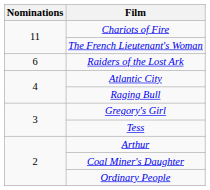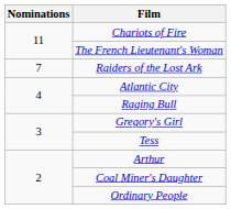 <table class="wikitable" style="text-align:center;">
 <tr>
 <th style="background:">Nominations</th>
 <th style="background:">Film</th>
 </tr>
 <tr>
 <td rowspan="2">11</td>
 <td><em><a href='#'>Chariots of Fire</a></em></td>
 </tr>
 <tr>
 <td><em><a href='#'>The French Lieutenant's Woman</a></em></td>
 </tr>
 <tr>
-<td>6</td>
+<td>7</td>
 <td><em><a href='#'>Raiders of the Lost Ark</a></em></td>
 </tr>
 <tr>
 <td rowspan="2">4</td>
 <td><em><a href='#'>Atlantic City</a></em></td>
 </tr>
 <tr>
 <td><em><a href='#'>Raging Bull</a></em></td>
 </tr>
 <tr>
 <td rowspan="2">3</td>
 <td><em><a href='#'>Gregory's Girl</a></em></td>
 </tr>
 <tr>
 <td><em><a href='#'>Tess</a></em></td>
 </tr>
 <tr>
 <td rowspan="3">2</td>
 <td><em><a href='#'>Arthur</a></em></td>
 </tr>
 <tr>
 <td><em><a href='#'>Coal Miner's Daughter</a></em></td>
 </tr>
 <tr>
 <td><em><a href='#'>Ordinary People</a></em></td>
 </tr>
 </table>
